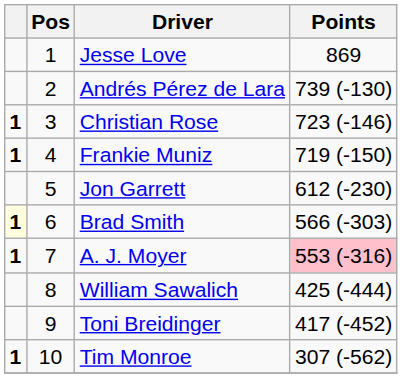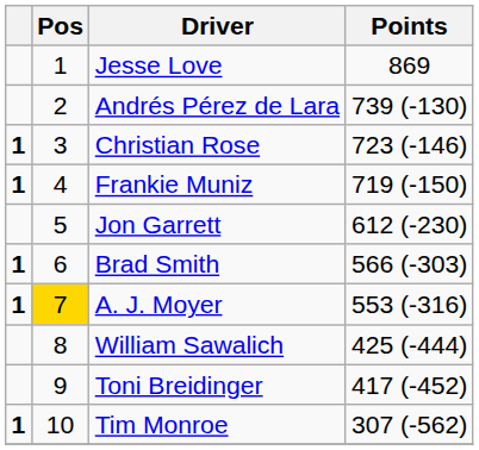 <table class="wikitable" style="font-size: 95%;">
 <tr>
 <th></th>
 <th>Pos</th>
 <th>Driver</th>
 <th>Points</th>
 </tr>
 <tr>
 <td align="left"></td>
 <td style="text-align:center;">1</td>
 <td><a href='#'>Jesse Love</a></td>
 <td style="text-align:center;">869</td>
 </tr>
 <tr>
 <td align="left"></td>
 <td style="text-align:center;">2</td>
 <td><a href='#'>Andrés Pérez de Lara</a></td>
 <td style="text-align:center;">739 (-130)</td>
 </tr>
 <tr>
 <td align="left"> <strong>1</strong></td>
 <td style="text-align:center;">3</td>
 <td><a href='#'>Christian Rose</a></td>
 <td style="text-align:center;">723 (-146)</td>
 </tr>
 <tr>
 <td align="left"> <strong>1</strong></td>
 <td style="text-align:center;">4</td>
 <td><a href='#'>Frankie Muniz</a></td>
 <td style="text-align:center;">719 (-150)</td>
 </tr>
 <tr>
 <td align="left"></td>
 <td style="text-align:center;">5</td>
 <td><a href='#'>Jon Garrett</a></td>
 <td style="text-align:center;">612 (-230)</td>
 </tr>
 <tr>
-<td align="left" style="background: lightyellow;"> <strong>1</strong></td>
+<td align="left"> <strong>1</strong></td>
 <td style="text-align:center;">6</td>
 <td><a href='#'>Brad Smith</a></td>
 <td style="text-align:center;">566 (-303)</td>
 </tr>
 <tr>
 <td align="left"> <strong>1</strong></td>
-<td style="text-align:center;">7</td>
+<td style="background: gold; text-align:center;">7</td>
 <td><a href='#'>A. J. Moyer</a></td>
-<td style="background: pink; text-align:center;">553 (-316)</td>
+<td style="text-align:center;">553 (-316)</td>
 </tr>
 <tr>
 <td align="left"></td>
 <td style="text-align:center;">8</td>
 <td><a href='#'>William Sawalich</a></td>
 <td style="text-align:center;">425 (-444)</td>
 </tr>
 <tr>
 <td align="left"></td>
 <td style="text-align:center;">9</td>
 <td><a href='#'>Toni Breidinger</a></td>
 <td style="text-align:center;">417 (-452)</td>
 </tr>
 <tr>
 <td align="left"> <strong>1</strong></td>
 <td style="text-align:center;">10</td>
 <td><a href='#'>Tim Monroe</a></td>
 <td style="text-align:center;">307 (-562)</td>
 </tr>
 <tr class="sortbottom">
 </tr>
 </table>
